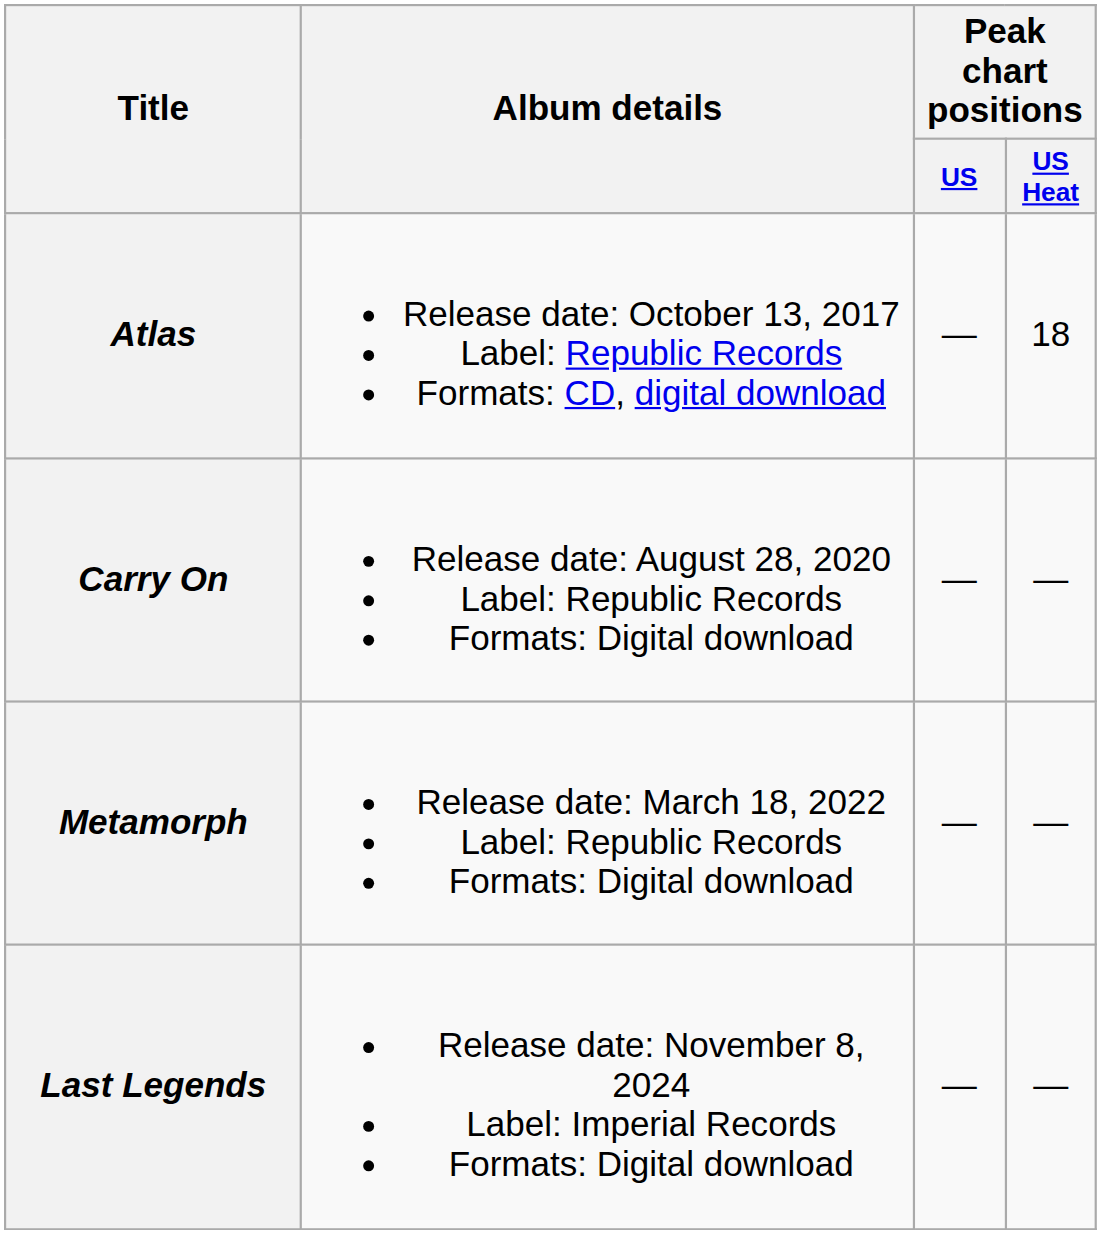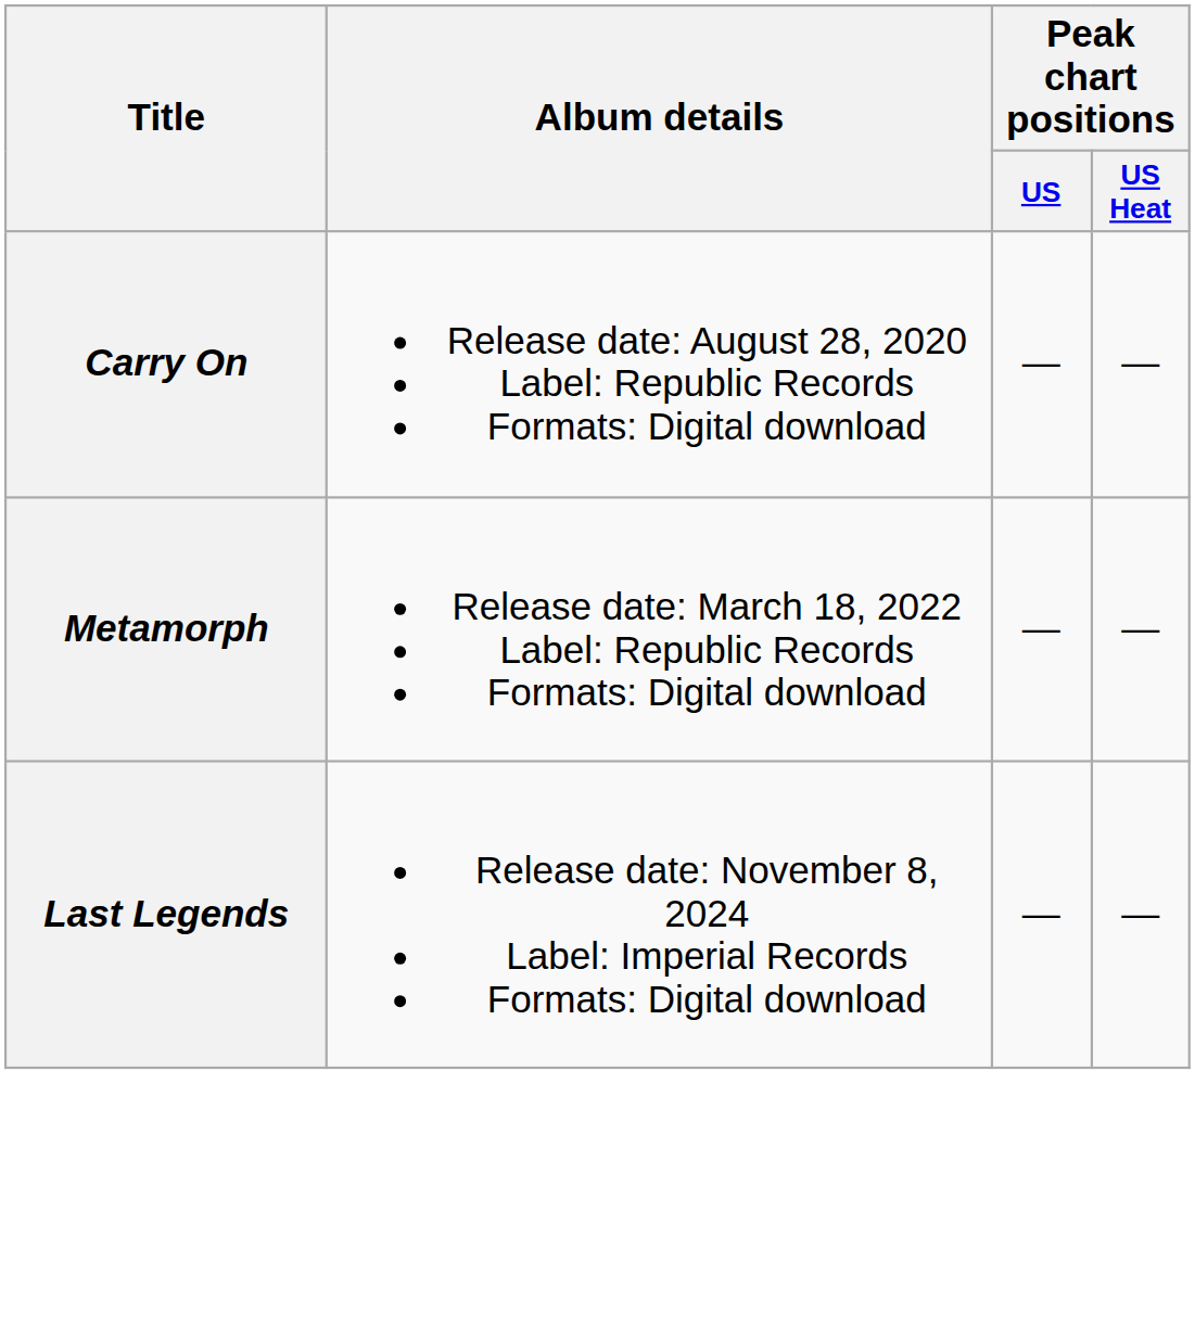 <table class="wikitable plainrowheaders" style="text-align:center;">
 <tr>
 <th rowspan="2" style="width:8em;">Title</th>
 <th rowspan="2" style="width:17em;">Album details</th>
 <th colspan="2">Peak chart positions</th>
 </tr>
 <tr style="font-size:smaller;">
 <th style="width:3em; font-size:90%"><a href='#'>US</a><br></th>
 <th style="width:3em; font-size:90%"><a href='#'>US <br>Heat</a><br></th>
-</tr>
-<tr>
-<th scope="row"><em>Atlas</em></th>
-<td><br><ul><li>Release date: October 13, 2017</li><li>Label: <a href='#'>Republic Records</a></li><li>Formats: <a href='#'>CD</a>, <a href='#'>digital download</a></li></ul></td>
-<td>—</td>
-<td>18</td>
 </tr>
 <tr>
 <th scope="row"><em>Carry On</em></th>
 <td><br><ul><li>Release date: August 28, 2020</li><li>Label: Republic Records</li><li>Formats: Digital download</li></ul></td>
 <td>—</td>
 <td>—</td>
 </tr>
 <tr>
 <th scope="row"><em>Metamorph</em></th>
 <td><br><ul><li>Release date: March 18, 2022</li><li>Label: Republic Records</li><li>Formats: Digital download</li></ul></td>
 <td>—</td>
 <td>—</td>
 </tr>
 <tr>
 <th scope="row"><em>Last Legends</em></th>
 <td><br><ul><li>Release date: November 8, 2024</li><li>Label: Imperial Records</li><li>Formats: Digital download</li></ul></td>
 <td>—</td>
 <td>—</td>
 </tr>
 </table>
